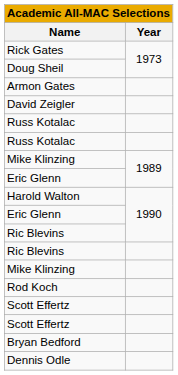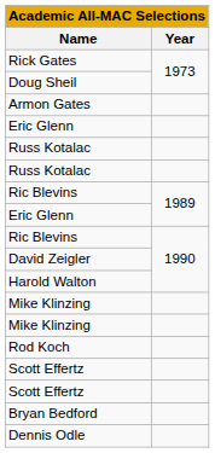 <table class="wikitable">
 <tr>
 <th colspan=2 style="background:#eaab00;">Academic All-MAC Selections</th>
 </tr>
 <tr>
 <th>Name</th>
 <th>Year</th>
 </tr>
 <tr>
 <td>Rick Gates</td>
 <td rowspan=2 style="text-align:center;">1973</td>
 </tr>
 <tr>
 <td>Doug Sheil</td>
 </tr>
 <tr>
 <td>Armon Gates</td>
 <td></td>
 </tr>
 <tr>
-<td>David Zeigler</td>
+<td>Eric Glenn</td>
 <td></td>
 </tr>
 <tr>
 <td>Russ Kotalac</td>
 <td></td>
 </tr>
 <tr>
 <td>Russ Kotalac</td>
 <td></td>
 </tr>
 <tr>
-<td>Mike Klinzing</td>
+<td>Ric Blevins</td>
 <td rowspan=2 style="text-align:center;">1989</td>
 </tr>
 <tr>
 <td>Eric Glenn</td>
 </tr>
 <tr>
-<td>Harold Walton</td>
+<td>Ric Blevins</td>
 <td rowspan=3 style="text-align:center;">1990</td>
 </tr>
 <tr>
-<td>Eric Glenn</td>
+<td>David Zeigler</td>
 </tr>
 <tr>
-<td>Ric Blevins</td>
+<td>Harold Walton</td>
 </tr>
 <tr>
-<td>Ric Blevins</td>
+<td>Mike Klinzing</td>
 <td></td>
 </tr>
 <tr>
 <td>Mike Klinzing</td>
 <td></td>
 </tr>
 <tr>
 <td>Rod Koch</td>
 <td></td>
 </tr>
 <tr>
 <td>Scott Effertz</td>
 <td></td>
 </tr>
 <tr>
 <td>Scott Effertz</td>
 <td></td>
 </tr>
 <tr>
 <td>Bryan Bedford</td>
 <td></td>
 </tr>
 <tr>
 <td>Dennis Odle</td>
 <td></td>
 </tr>
 </table>
